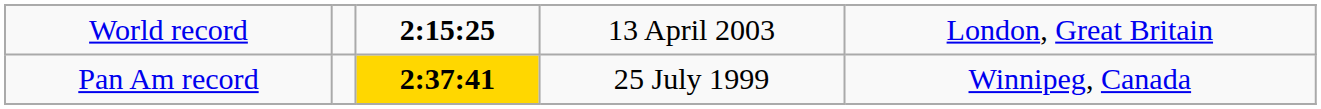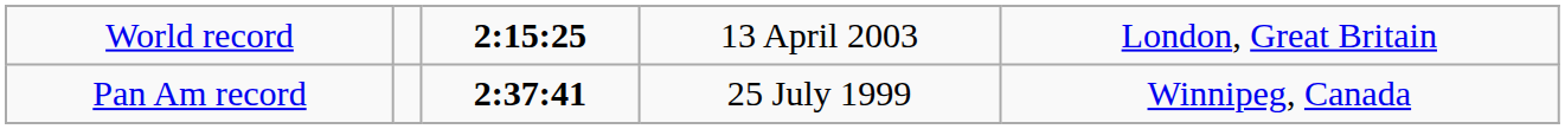 <table class="wikitable" style=" text-align:center; font-size:95%;" width="75%">
 <tr>
 <td><a href='#'>World record</a></td>
 <td></td>
 <td><strong>2:15:25</strong></td>
 <td>13 April 2003</td>
 <td> <a href='#'>London</a>, <a href='#'>Great Britain</a></td>
 </tr>
 <tr>
 <td><a href='#'>Pan Am record</a></td>
 <td></td>
-<td style="background: gold;"><strong>2:37:41</strong></td>
+<td><strong>2:37:41</strong></td>
 <td>25 July 1999</td>
 <td> <a href='#'>Winnipeg</a>, <a href='#'>Canada</a></td>
 </tr>
 </table>
